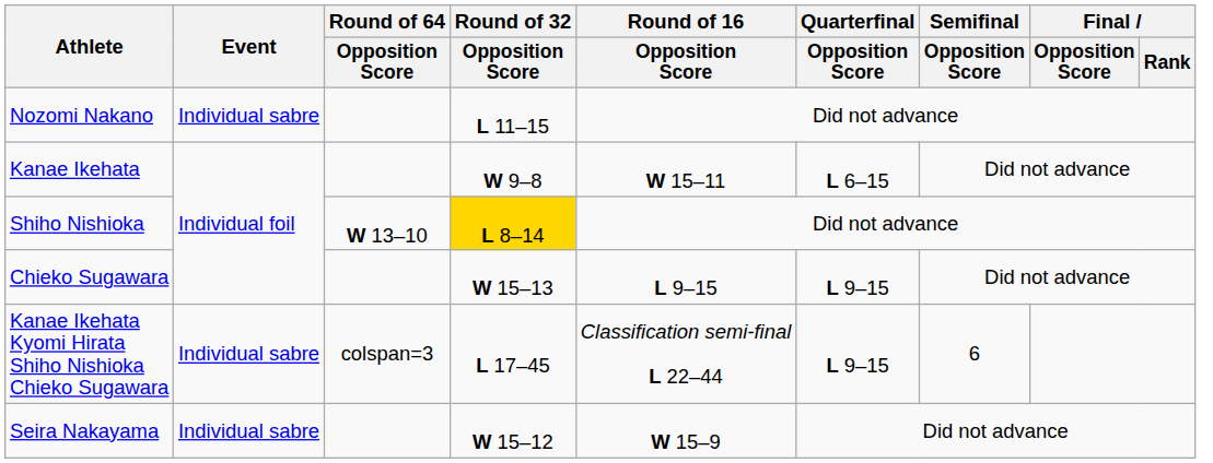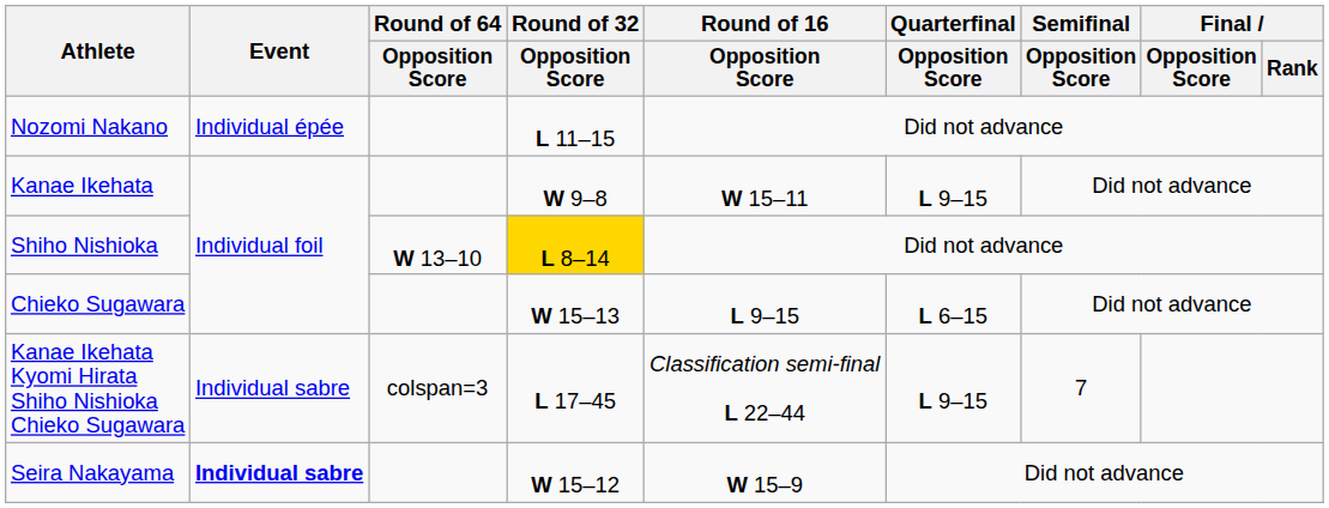 <table class="wikitable" style="font-size:90%">
 <tr>
 <th rowspan="2">Athlete</th>
 <th rowspan="2">Event</th>
 <th>Round of 64</th>
 <th>Round of 32</th>
 <th>Round of 16</th>
 <th>Quarterfinal</th>
 <th>Semifinal</th>
 <th colspan=2>Final / </th>
 </tr>
 <tr style="font-size:95%">
 <th>Opposition <br> Score</th>
 <th>Opposition <br> Score</th>
 <th>Opposition <br> Score</th>
 <th>Opposition <br> Score</th>
 <th>Opposition <br> Score</th>
 <th>Opposition <br> Score</th>
 <th>Rank</th>
 </tr>
 <tr align=center>
 <td align=left><a href='#'>Nozomi Nakano</a></td>
-<td align=left><a href='#'>Individual sabre</a></td>
+<td align=left><a href='#'>Individual épée</a></td>
 <td></td>
 <td><br><strong>L</strong> 11–15</td>
 <td colspan=5>Did not advance</td>
 </tr>
 <tr align=center>
 <td align=left><a href='#'>Kanae Ikehata</a></td>
 <td align=left rowspan=3><a href='#'>Individual foil</a></td>
 <td></td>
 <td><br><strong>W</strong> 9–8</td>
 <td><br><strong>W</strong> 15–11</td>
-<td><br><strong>L</strong> 6–15</td>
+<td><br><strong>L</strong> 9–15</td>
 <td colspan=3>Did not advance</td>
 </tr>
 <tr align=center>
 <td align=left><a href='#'>Shiho Nishioka</a></td>
 <td><br><strong>W</strong> 13–10</td>
 <td style="background: gold;"><br><strong>L</strong> 8–14</td>
 <td colspan=5>Did not advance</td>
 </tr>
 <tr align=center>
 <td align=left><a href='#'>Chieko Sugawara</a></td>
 <td></td>
 <td><br><strong>W</strong> 15–13</td>
 <td><br><strong>L</strong> 9–15</td>
-<td><br><strong>L</strong> 9–15</td>
+<td><br><strong>L</strong> 6–15</td>
 <td colspan=3>Did not advance</td>
 </tr>
 <tr align=center>
 <td align=left><a href='#'>Kanae Ikehata</a><br><a href='#'>Kyomi Hirata</a><br><a href='#'>Shiho Nishioka</a><br><a href='#'>Chieko Sugawara</a></td>
 <td align=left><a href='#'>Individual sabre</a></td>
 <td>colspan=3 </td>
 <td><br><strong>L</strong> 17–45</td>
 <td><em>Classification semi-final</em><br><br><strong>L</strong> 22–44</td>
 <td><br><strong>L</strong> 9–15</td>
-<td>6</td>
+<td>7</td>
 </tr>
 <tr align=center>
 <td align=left><a href='#'>Seira Nakayama</a></td>
-<td align=left><a href='#'>Individual sabre</a></td>
+<td align=left><strong><a href='#'>Individual sabre</a></strong></td>
 <td></td>
 <td><br><strong>W</strong> 15–12</td>
 <td><br><strong>W</strong> 15–9</td>
 <td colspan=4>Did not advance</td>
 </tr>
 </table>
